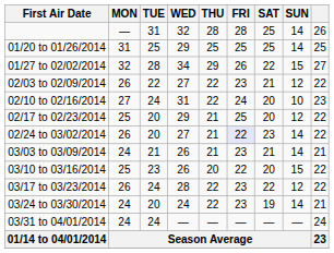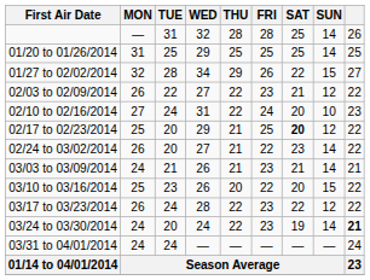 <table class="wikitable" style="font-size:90%; text-align:center;">
 <tr>
 <th>First Air Date</th>
 <th width=30>MON</th>
 <th width=30>TUE</th>
 <th width=30>WED</th>
 <th width=30>THU</th>
 <th width=30>FRI</th>
 <th width=30>SAT</th>
 <th width=30>SUN</th>
 <th></th>
 </tr>
 <tr>
 <td></td>
 <td>—</td>
 <td>31</td>
 <td>32</td>
 <td>28</td>
 <td>28</td>
 <td>25</td>
 <td>14</td>
 <td>26</td>
 </tr>
 <tr>
 <td>01/20 to 01/26/2014</td>
 <td>31</td>
 <td>25</td>
 <td>29</td>
 <td>25</td>
 <td>25</td>
 <td>25</td>
 <td>14</td>
 <td>25</td>
 </tr>
 <tr>
 <td>01/27 to 02/02/2014</td>
 <td>32</td>
 <td>28</td>
 <td>34</td>
 <td>29</td>
 <td>26</td>
 <td>22</td>
 <td>15</td>
 <td>27</td>
 </tr>
 <tr>
 <td>02/03 to 02/09/2014</td>
 <td>26</td>
 <td>22</td>
 <td>27</td>
 <td>22</td>
 <td>23</td>
 <td>21</td>
 <td>12</td>
 <td>22</td>
 </tr>
 <tr>
 <td>02/10 to 02/16/2014</td>
 <td>27</td>
 <td>24</td>
 <td>31</td>
 <td>22</td>
 <td>24</td>
 <td>20</td>
 <td>10</td>
 <td>23</td>
 </tr>
 <tr>
 <td>02/17 to 02/23/2014</td>
 <td>25</td>
 <td>20</td>
 <td>29</td>
 <td>21</td>
 <td>25</td>
-<td>20</td>
+<td><strong>20</strong></td>
 <td>12</td>
 <td>22</td>
 </tr>
 <tr>
 <td>02/24 to 03/02/2014</td>
 <td>26</td>
 <td>20</td>
 <td>27</td>
 <td>21</td>
-<td style="background: lavender;">22</td>
+<td>22</td>
 <td>23</td>
 <td>14</td>
 <td>22</td>
 </tr>
 <tr>
 <td>03/03 to 03/09/2014</td>
 <td>24</td>
 <td>21</td>
 <td>26</td>
 <td>21</td>
 <td>23</td>
 <td>21</td>
 <td>14</td>
 <td>21</td>
 </tr>
 <tr>
 <td>03/10 to 03/16/2014</td>
 <td>25</td>
 <td>23</td>
 <td>26</td>
 <td>20</td>
 <td>22</td>
 <td>20</td>
 <td>15</td>
 <td>22</td>
 </tr>
 <tr>
 <td>03/17 to 03/23/2014</td>
 <td>26</td>
 <td>24</td>
 <td>28</td>
 <td>22</td>
 <td>23</td>
 <td>22</td>
 <td>12</td>
 <td>22</td>
 </tr>
 <tr>
 <td>03/24 to 03/30/2014</td>
 <td>24</td>
 <td>20</td>
 <td>24</td>
 <td>22</td>
 <td>23</td>
 <td>19</td>
 <td>14</td>
-<td>21</td>
+<td><strong>21</strong></td>
 </tr>
 <tr>
 <td>03/31 to 04/01/2014</td>
 <td>24</td>
 <td>24</td>
 <td>—</td>
 <td>—</td>
 <td>—</td>
 <td>—</td>
 <td>—</td>
 <td>24</td>
 </tr>
 <tr>
 <th>01/14 to 04/01/2014</th>
 <th colspan=7>Season Average</th>
 <th>23</th>
 </tr>
 <tr>
 </tr>
 </table>
